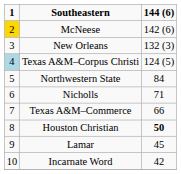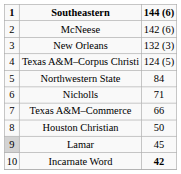 <table class="wikitable">
 <tr align="center">
 <td><strong>1</strong></td>
 <td><strong>Southeastern</strong></td>
 <td><strong>144 (6)</strong></td>
 </tr>
 <tr align="center">
-<td style="background: gold;">2</td>
+<td>2</td>
 <td>McNeese</td>
 <td>142 (6)</td>
 </tr>
 <tr align="center">
 <td>3</td>
 <td>New Orleans</td>
 <td>132 (3)</td>
 </tr>
 <tr align="center">
-<td style="background: lightblue;">4</td>
+<td>4</td>
 <td>Texas A&M–Corpus Christi</td>
 <td>124 (5)</td>
 </tr>
 <tr align="center">
 <td>5</td>
 <td>Northwestern State</td>
 <td>84</td>
 </tr>
 <tr align="center">
 <td>6</td>
 <td>Nicholls</td>
 <td>71</td>
 </tr>
 <tr align="center">
 <td>7</td>
 <td>Texas A&M–Commerce</td>
 <td>66</td>
 </tr>
 <tr align="center">
 <td>8</td>
 <td>Houston Christian</td>
-<td><strong>50</strong></td>
+<td>50</td>
 </tr>
 <tr align="center">
-<td>9</td>
+<td style="background: lightgrey;">9</td>
 <td>Lamar</td>
 <td>45</td>
 </tr>
 <tr align="center">
 <td>10</td>
 <td>Incarnate Word</td>
-<td>42</td>
+<td><strong>42</strong></td>
 </tr>
 <tr align="center">
 </tr>
 </table>
